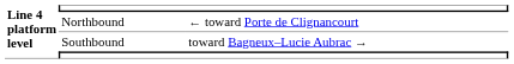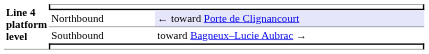 <table border=0 cellspacing=0 cellpadding=3>
 <tr>
 <td style="border-bottom:solid 1px gray;" width=50 rowspan=10 valign=top><strong>Line 4 platform level</strong></td>
 <td style="border-top:solid 1px gray;border-right:solid 2px black;border-left:solid 2px black;border-bottom:solid 2px black;text-align:center;" colspan=2></td>
 </tr>
 <tr>
 <td style="border-bottom:solid 1px gray;" width=150>Northbound</td>
-<td style="border-bottom:solid 1px gray;" width=390>←   toward <a href='#'>Porte de Clignancourt</a> </td>
+<td style="background: lavender; border-bottom:solid 1px gray;" width=390>←   toward <a href='#'>Porte de Clignancourt</a> </td>
 </tr>
 <tr>
 <td>Southbound</td>
 <td>   toward <a href='#'>Bagneux–Lucie Aubrac</a>  →</td>
 </tr>
 <tr>
 <td style="border-top:solid 2px black;border-right:solid 2px black;border-left:solid 2px black;border-bottom:solid 1px gray;text-align:center;" colspan=2></td>
 </tr>
 </table>
